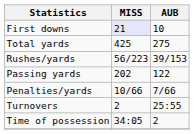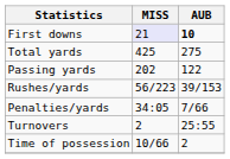 <table class="wikitable" style="float: left;">
 <tr>
 <th>Statistics</th>
 <th>MISS</th>
 <th>AUB</th>
 </tr>
 <tr>
 <td>First downs</td>
 <td style="background: lavender;">21</td>
-<td>10</td>
+<td><strong>10</strong></td>
 </tr>
 <tr>
 <td>Total yards</td>
 <td>425</td>
 <td>275</td>
 </tr>
 <tr>
+<td>Passing yards</td>
+<td>202</td>
+<td>122</td>
+</tr>
+<tr>
 <td>Rushes/yards</td>
 <td>56/223</td>
 <td>39/153</td>
 </tr>
 <tr>
-<td>Passing yards</td>
-<td>202</td>
-<td>122</td>
-</tr>
-<tr>
 <td>Penalties/yards</td>
-<td>10/66</td>
+<td>34:05</td>
 <td>7/66</td>
 </tr>
 <tr>
 <td>Turnovers</td>
 <td>2</td>
 <td>25:55</td>
 </tr>
 <tr>
 <td>Time of possession</td>
-<td>34:05</td>
+<td>10/66</td>
 <td>2</td>
 </tr>
 <tr>
 </tr>
 </table>
